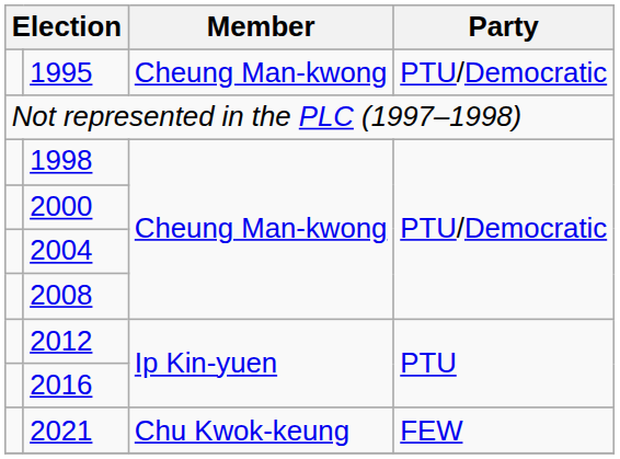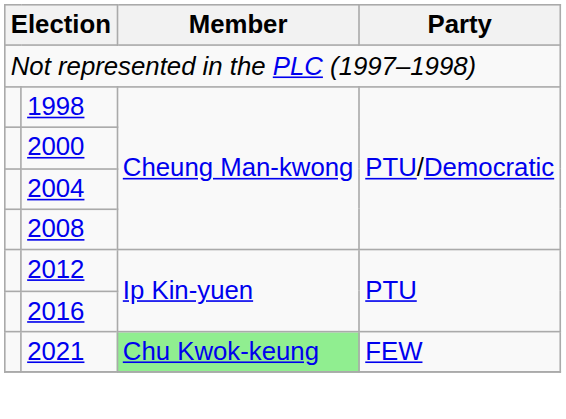 <table class="wikitable">
 <tr>
 <th colspan="2">Election</th>
 <th>Member</th>
 <th>Party</th>
-</tr>
-<tr>
-<td style="background-color: "></td>
-<td><a href='#'>1995</a></td>
-<td><a href='#'>Cheung Man-kwong</a></td>
-<td><a href='#'>PTU</a>/<a href='#'>Democratic</a></td>
 </tr>
 <tr>
 <td colspan="4"><em>Not represented in the <a href='#'>PLC</a> (1997–1998)</em></td>
 </tr>
 <tr>
 <td style="background-color: "></td>
 <td><a href='#'>1998</a></td>
 <td rowspan=4><a href='#'>Cheung Man-kwong</a></td>
 <td rowspan=4><a href='#'>PTU</a>/<a href='#'>Democratic</a></td>
 </tr>
 <tr>
 <td style="background-color: "></td>
 <td><a href='#'>2000</a></td>
 </tr>
 <tr>
 <td style="background-color: "></td>
 <td><a href='#'>2004</a></td>
 </tr>
 <tr>
 <td style="background-color: "></td>
 <td><a href='#'>2008</a></td>
 </tr>
 <tr>
 <td style="background-color: "></td>
 <td><a href='#'>2012</a></td>
 <td rowspan=2><a href='#'>Ip Kin-yuen</a></td>
 <td rowspan=2><a href='#'>PTU</a></td>
 </tr>
 <tr>
 <td style="background-color: "></td>
 <td><a href='#'>2016</a></td>
 </tr>
 <tr>
 <td style="background-color: "></td>
 <td><a href='#'>2021</a></td>
-<td><a href='#'>Chu Kwok-keung</a></td>
+<td style="background: lightgreen;"><a href='#'>Chu Kwok-keung</a></td>
 <td><a href='#'>FEW</a></td>
 </tr>
 <tr>
 </tr>
 </table>
